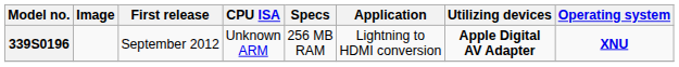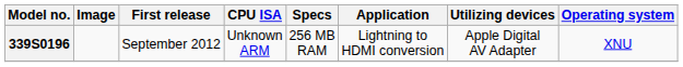 <table class="wikitable sortable" style="font-size:85%; text-align:center">
 <tr>
 <th>Model no.</th>
 <th>Image</th>
 <th>First release</th>
 <th>CPU <a href='#'>ISA</a></th>
 <th>Specs</th>
 <th>Application</th>
 <th>Utilizing devices</th>
 <th><a href='#'>Operating system</a></th>
 </tr>
 <tr>
 <th>339S0196</th>
 <td></td>
 <td>September 2012</td>
 <td>Unknown<br><a href='#'>ARM</a></td>
 <td>256 MB<br>RAM</td>
 <td>Lightning to<br>HDMI conversion</td>
-<td><strong>Apple Digital<br>AV Adapter</strong></td>
-<td><strong><a href='#'>XNU</a></strong></td>
+<td>Apple Digital<br>AV Adapter</td>
+<td><a href='#'>XNU</a></td>
 </tr>
 <tr>
 </tr>
 </table>
